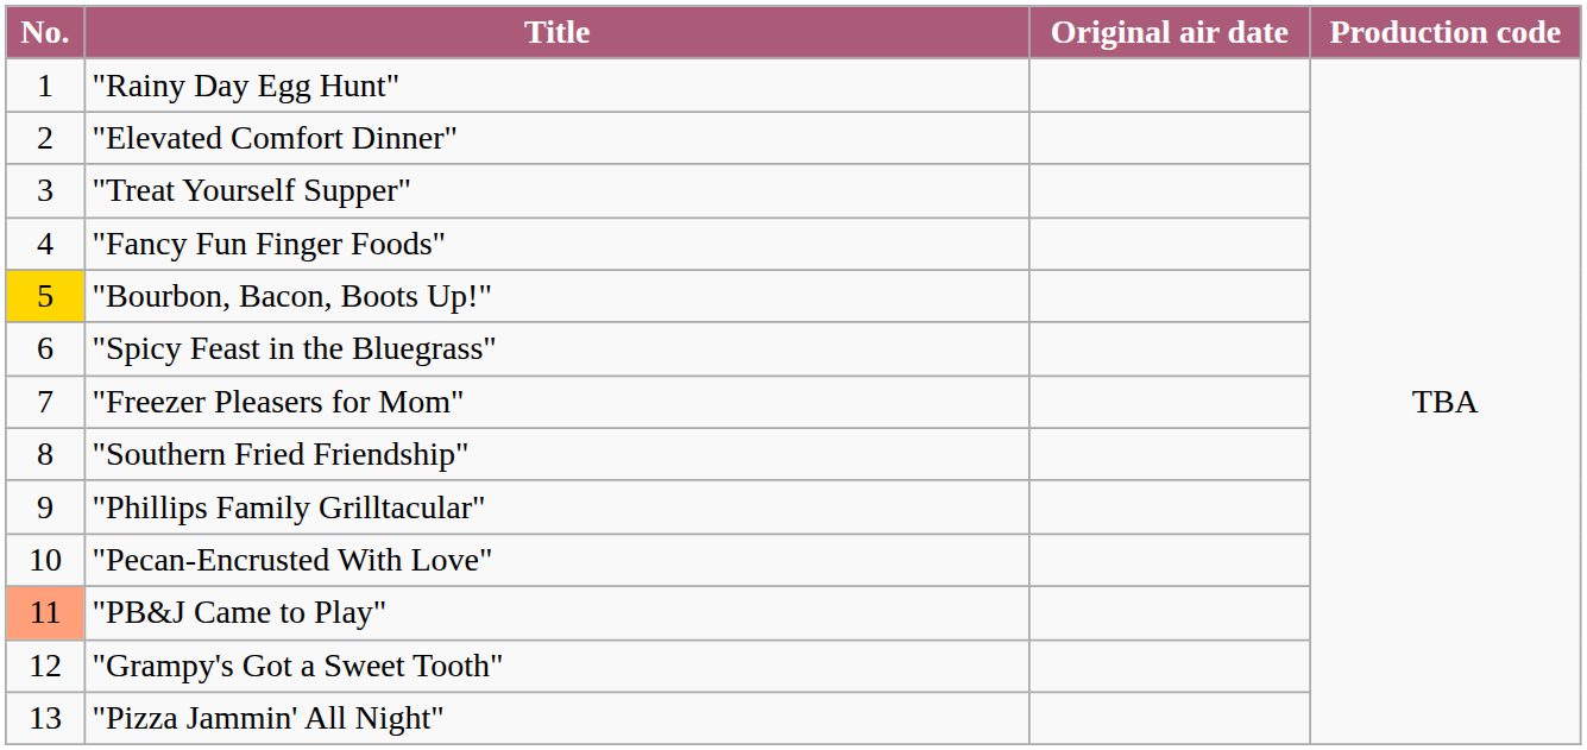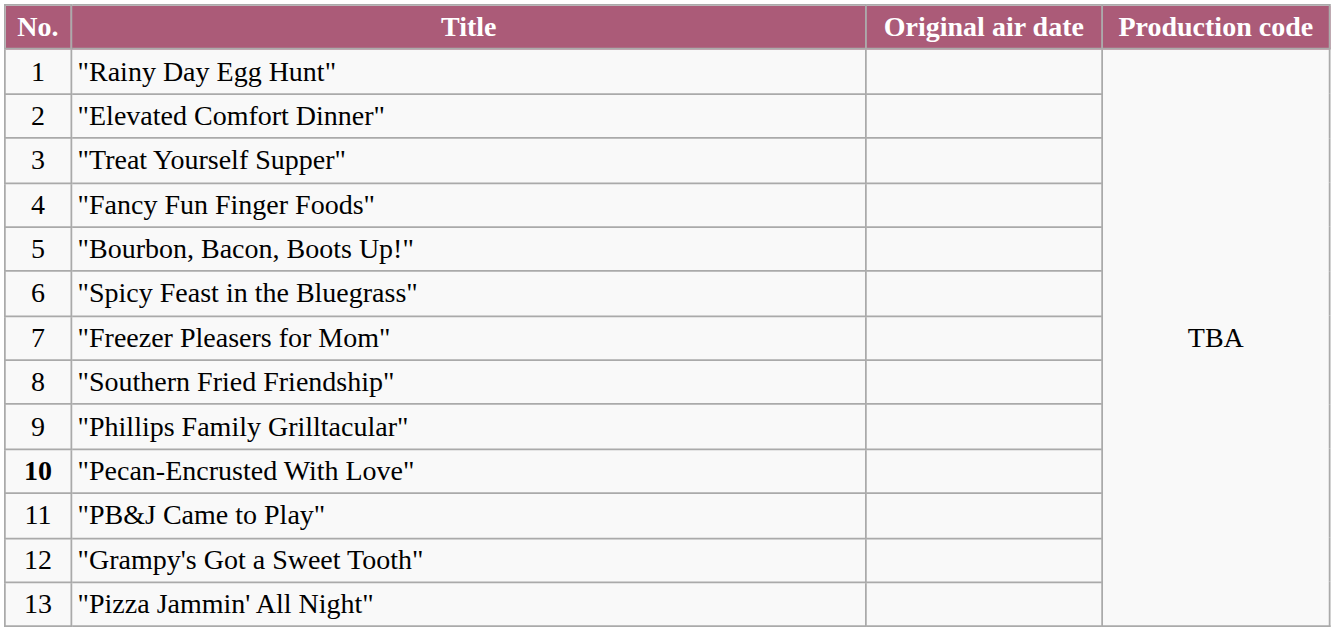 <table class="wikitable plainrowheaders" style="width:60%;">
 <tr>
 <th style="background-color: #ab5b78; color: #FFFFFF;" width=5%>No.</th>
 <th style="background-color: #ab5b78; color: #FFFFFF;" width=60%>Title</th>
 <th style="background-color: #ab5b78; color: #FFFFFF;">Original air date</th>
 <th style="background-color: #ab5b78; color: #FFFFFF;">Production code</th>
 </tr>
 <tr>
 <td align=center>1</td>
 <td>"Rainy Day Egg Hunt"</td>
 <td align=center></td>
 <td align=center rowspan=13>TBA</td>
 </tr>
 <tr>
 <td align=center>2</td>
 <td>"Elevated Comfort Dinner"</td>
 <td align=center></td>
 </tr>
 <tr>
 <td align=center>3</td>
 <td>"Treat Yourself Supper"</td>
 <td align=center></td>
 </tr>
 <tr>
 <td align=center>4</td>
 <td>"Fancy Fun Finger Foods"</td>
 <td align=center></td>
 </tr>
 <tr>
-<td align=center style="background: gold;">5</td>
+<td align=center>5</td>
 <td>"Bourbon, Bacon, Boots Up!"</td>
 <td align=center></td>
 </tr>
 <tr>
 <td align=center>6</td>
 <td>"Spicy Feast in the Bluegrass"</td>
 <td align=center></td>
 </tr>
 <tr>
 <td align=center>7</td>
 <td>"Freezer Pleasers for Mom"</td>
 <td align=center></td>
 </tr>
 <tr>
 <td align=center>8</td>
 <td>"Southern Fried Friendship"</td>
 <td align=center></td>
 </tr>
 <tr>
 <td align=center>9</td>
 <td>"Phillips Family Grilltacular"</td>
 <td align=center></td>
 </tr>
 <tr>
-<td align=center>10</td>
+<td align=center><strong>10</strong></td>
 <td>"Pecan-Encrusted With Love"</td>
 <td align=center></td>
 </tr>
 <tr>
-<td align=center style="background: lightsalmon;">11</td>
+<td align=center>11</td>
 <td>"PB&J Came to Play"</td>
 <td align=center></td>
 </tr>
 <tr>
 <td align=center>12</td>
 <td>"Grampy's Got a Sweet Tooth"</td>
 <td align=center></td>
 </tr>
 <tr>
 <td align=center>13</td>
 <td>"Pizza Jammin' All Night"</td>
 <td align=center></td>
 </tr>
 </table>
